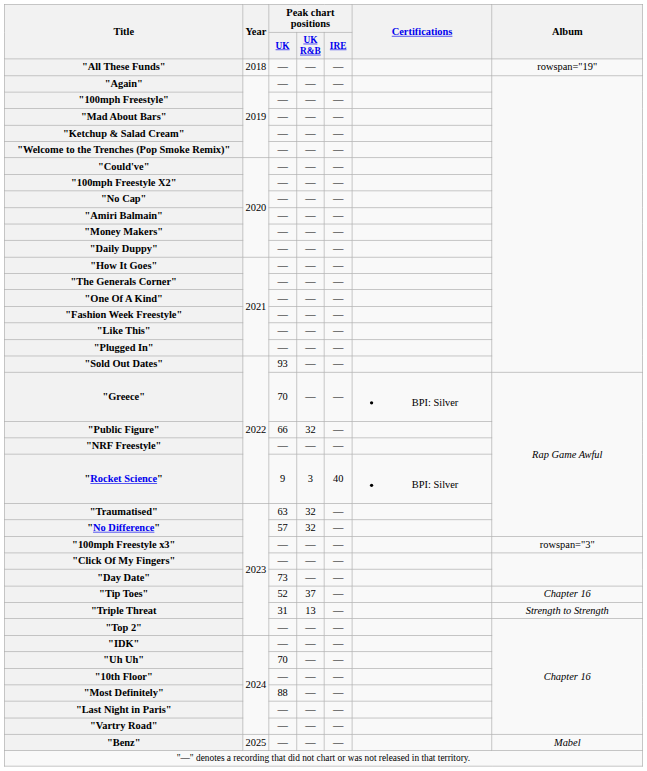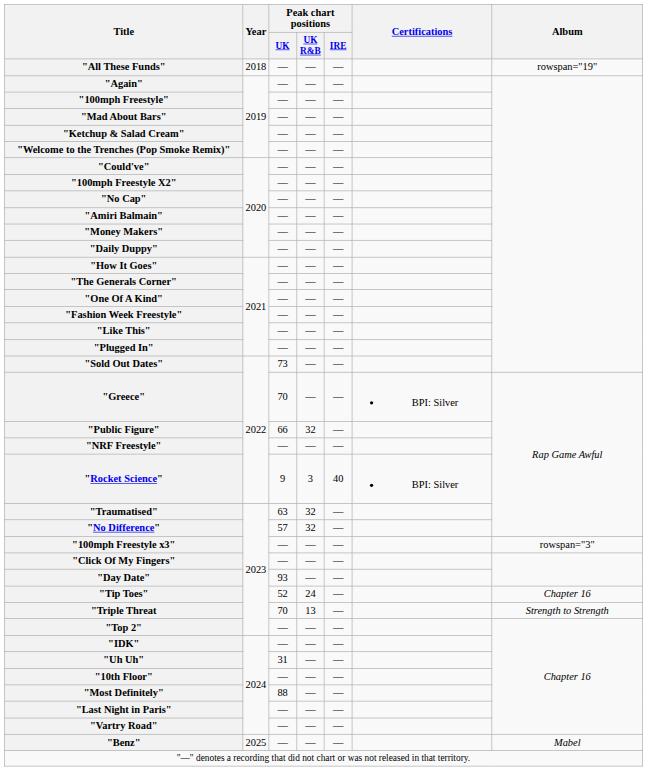 <table class="wikitable plainrowheaders" style="text-align:center;">
 <tr>
 <th scope="col" rowspan="2" style="width:22.5em;">Title</th>
 <th scope="col" rowspan="2" style="width:1em;">Year</th>
 <th scope="col" colspan="3">Peak chart positions</th>
 <th scope="col" rowspan="2" style="width:13em;"><a href='#'>Certifications</a></th>
 <th scope="col" rowspan="2" style="width:14em;">Album</th>
 </tr>
 <tr>
 <th scope="col" style="width:2.5em;font-size:90%;"><a href='#'>UK</a><br></th>
 <th scope="col" style="width:2.5em;font-size:90%;"><a href='#'>UK<br>R&B</a><br></th>
 <th scope="col" style="width:2.5em;font-size:90%;"><a href='#'>IRE</a><br></th>
 </tr>
 <tr>
 <th scope="row">"All These Funds"</th>
 <td>2018</td>
 <td>—</td>
 <td>—</td>
 <td>—</td>
 <td></td>
 <td>rowspan="19" </td>
 </tr>
 <tr>
 <th scope="row">"Again"</th>
 <td rowspan="5">2019</td>
 <td>—</td>
 <td>—</td>
 <td>—</td>
 <td></td>
 </tr>
 <tr>
 <th scope="row">"100mph Freestyle"</th>
 <td>—</td>
 <td>—</td>
 <td>—</td>
 <td></td>
 </tr>
 <tr>
 <th scope="row">"Mad About Bars"<br></th>
 <td>—</td>
 <td>—</td>
 <td>—</td>
 <td></td>
 </tr>
 <tr>
 <th scope="row">"Ketchup & Salad Cream"</th>
 <td>—</td>
 <td>—</td>
 <td>—</td>
 <td></td>
 </tr>
 <tr>
 <th scope="row">"Welcome to the Trenches (Pop Smoke Remix)"</th>
 <td>—</td>
 <td>—</td>
 <td>—</td>
 <td></td>
 </tr>
 <tr>
 <th scope="row">"Could've"</th>
 <td rowspan="6">2020</td>
 <td>—</td>
 <td>—</td>
 <td>—</td>
 <td></td>
 </tr>
 <tr>
 <th scope="row">"100mph Freestyle X2"</th>
 <td>—</td>
 <td>—</td>
 <td>—</td>
 <td></td>
 </tr>
 <tr>
 <th scope="row">"No Cap"</th>
 <td>—</td>
 <td>—</td>
 <td>—</td>
 <td></td>
 </tr>
 <tr>
 <th scope="row">"Amiri Balmain"</th>
 <td>—</td>
 <td>—</td>
 <td>—</td>
 <td></td>
 </tr>
 <tr>
 <th scope="row">"Money Makers"<br></th>
 <td>—</td>
 <td>—</td>
 <td>—</td>
 <td></td>
 </tr>
 <tr>
 <th scope="row">"Daily Duppy"<br></th>
 <td>—</td>
 <td>—</td>
 <td>—</td>
 <td></td>
 </tr>
 <tr>
 <th scope="row">"How It Goes"</th>
 <td rowspan="6">2021</td>
 <td>—</td>
 <td>—</td>
 <td>—</td>
 <td></td>
 </tr>
 <tr>
 <th scope="row">"The Generals Corner"<br></th>
 <td>—</td>
 <td>—</td>
 <td>—</td>
 <td></td>
 </tr>
 <tr>
 <th scope="row">"One Of A Kind"</th>
 <td>—</td>
 <td>—</td>
 <td>—</td>
 <td></td>
 </tr>
 <tr>
 <th scope="row">"Fashion Week Freestyle"</th>
 <td>—</td>
 <td>—</td>
 <td>—</td>
 <td></td>
 </tr>
 <tr>
 <th scope="row">"Like This"</th>
 <td>—</td>
 <td>—</td>
 <td>—</td>
 <td></td>
 </tr>
 <tr>
 <th scope="row">"Plugged In"<br></th>
 <td>—</td>
 <td>—</td>
 <td>—</td>
 <td></td>
 </tr>
 <tr>
 <th scope="row">"Sold Out Dates"</th>
 <td rowspan="5">2022</td>
-<td>93</td>
+<td>73</td>
 <td>—</td>
 <td>—</td>
 <td></td>
 </tr>
 <tr>
 <th scope="row">"Greece"</th>
 <td>70</td>
 <td>—</td>
 <td>—</td>
 <td><br><ul><li>BPI: Silver</li></ul></td>
 <td rowspan="6"><em>Rap Game Awful</em></td>
 </tr>
 <tr>
 <th scope="row">"Public Figure"</th>
 <td>66</td>
 <td>32</td>
 <td>—</td>
 <td></td>
 </tr>
 <tr>
 <th scope="row">"NRF Freestyle"</th>
 <td>—</td>
 <td>—</td>
 <td>—</td>
 <td></td>
 </tr>
 <tr>
 <th scope="row">"<a href='#'>Rocket Science</a>"<br></th>
 <td>9</td>
 <td>3</td>
 <td>40</td>
 <td><br><ul><li>BPI: Silver</li></ul></td>
 </tr>
 <tr>
 <th scope="row">"Traumatised"</th>
 <td rowspan="8">2023</td>
 <td>63</td>
 <td>32</td>
 <td>—</td>
 <td></td>
 </tr>
 <tr>
 <th scope="row">"<a href='#'>No Difference</a>"</th>
 <td>57</td>
 <td>32</td>
 <td>—</td>
 <td></td>
 </tr>
 <tr>
 <th scope="row">"100mph Freestyle x3"</th>
 <td>—</td>
 <td>—</td>
 <td>—</td>
 <td></td>
 <td>rowspan="3" </td>
 </tr>
 <tr>
 <th scope="row">"Click Of My Fingers"</th>
 <td>—</td>
 <td>—</td>
 <td>—</td>
 <td></td>
 </tr>
 <tr>
 <th scope="row">"Day Date"</th>
-<td>73</td>
+<td>93</td>
 <td>—</td>
 <td>—</td>
 <td></td>
 </tr>
 <tr>
 <th scope="row">"Tip Toes"<br></th>
 <td>52</td>
-<td>37</td>
+<td>24</td>
 <td>—</td>
 <td></td>
 <td><em>Chapter 16</em></td>
 </tr>
 <tr>
 <th scope="row">"Triple Threat<br></th>
-<td>31</td>
+<td>70</td>
 <td>13</td>
 <td>—</td>
 <td></td>
 <td><em>Strength to Strength</em></td>
 </tr>
 <tr>
 <th scope="row">"Top 2"</th>
 <td>—</td>
 <td>—</td>
 <td>—</td>
 <td></td>
 <td rowspan="7"><em>Chapter 16</em></td>
 </tr>
 <tr>
 <th scope="row">"IDK"</th>
 <td rowspan="6">2024</td>
 <td>—</td>
 <td>—</td>
 <td>—</td>
 <td></td>
 </tr>
 <tr>
 <th scope="row">"Uh Uh"<br></th>
-<td>70</td>
+<td>31</td>
 <td>—</td>
 <td>—</td>
 <td></td>
 </tr>
 <tr>
 <th scope="row">"10th Floor"<br></th>
 <td>—</td>
 <td>—</td>
 <td>—</td>
 <td></td>
 </tr>
 <tr>
 <th scope="row">"Most Definitely"<br></th>
 <td>88</td>
 <td>—</td>
 <td>—</td>
 <td></td>
 </tr>
 <tr>
 <th scope="row">"Last Night in Paris"</th>
 <td>—</td>
 <td>—</td>
 <td>—</td>
 <td></td>
 </tr>
 <tr>
 <th scope="row">"Vartry Road"</th>
 <td>—</td>
 <td>—</td>
 <td>—</td>
 <td></td>
 </tr>
 <tr>
 <th scope="row">"Benz"<br></th>
 <td>2025</td>
 <td>—</td>
 <td>—</td>
 <td>—</td>
 <td></td>
 <td><em>Mabel</em></td>
 </tr>
 <tr>
 <td colspan="7" style="font-size:90%">"—" denotes a recording that did not chart or was not released in that territory.</td>
 </tr>
 </table>
